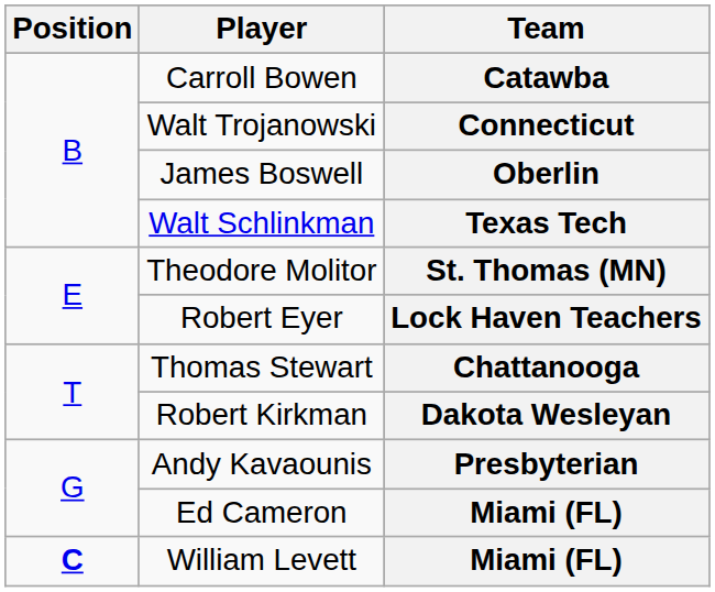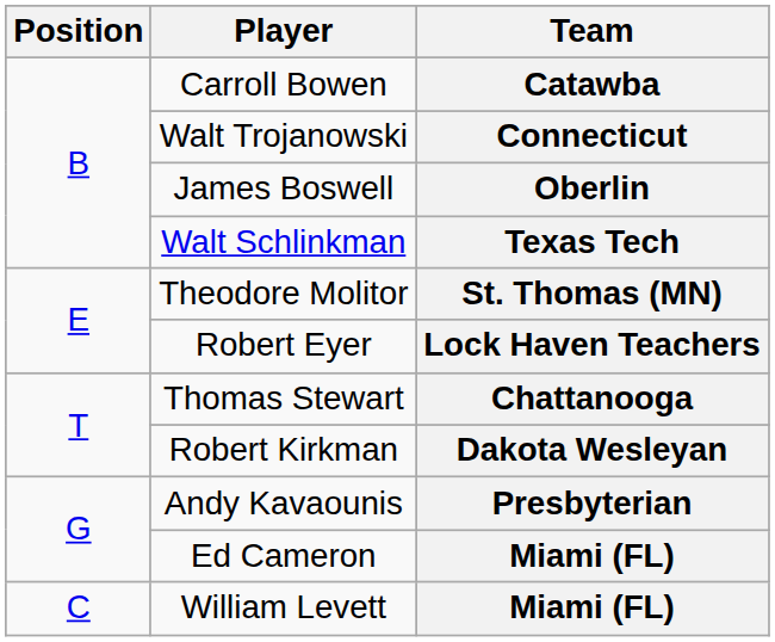 <table class="wikitable">
 <tr>
 <th>Position</th>
 <th>Player</th>
 <th>Team</th>
 </tr>
 <tr style="text-align:center;">
 <td rowspan="4"><a href='#'>B</a></td>
 <td>Carroll Bowen</td>
 <th Style = >Catawba</th>
 </tr>
 <tr style="text-align:center;">
 <td>Walt Trojanowski</td>
 <th Style = >Connecticut</th>
 </tr>
 <tr style="text-align:center;">
 <td>James Boswell</td>
 <th Style = >Oberlin</th>
 </tr>
 <tr style="text-align:center;">
 <td><a href='#'>Walt Schlinkman</a></td>
 <th Style = >Texas Tech</th>
 </tr>
 <tr style="text-align:center;">
 <td rowspan="2"><a href='#'>E</a></td>
 <td>Theodore Molitor</td>
 <th Style = >St. Thomas (MN)</th>
 </tr>
 <tr style="text-align:center;">
 <td>Robert Eyer</td>
 <th Style = >Lock Haven Teachers</th>
 </tr>
 <tr style="text-align:center;">
 <td rowspan="2"><a href='#'>T</a></td>
 <td>Thomas Stewart</td>
 <th Style = >Chattanooga</th>
 </tr>
 <tr style="text-align:center;">
 <td>Robert Kirkman</td>
 <th Style = >Dakota Wesleyan</th>
 </tr>
 <tr style="text-align:center;">
 <td rowspan="2"><a href='#'>G</a></td>
 <td>Andy Kavaounis</td>
 <th Style = >Presbyterian</th>
 </tr>
 <tr style="text-align:center;">
 <td>Ed Cameron</td>
 <th Style = >Miami (FL)</th>
 </tr>
 <tr style="text-align:center;">
-<td><strong><a href='#'>C</a></strong></td>
+<td><a href='#'>C</a></td>
 <td>William Levett</td>
 <th Style = >Miami (FL)</th>
 </tr>
 </table>
